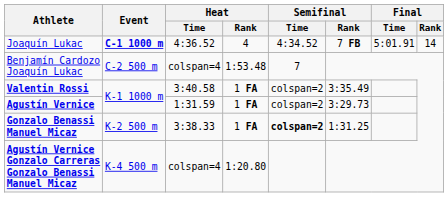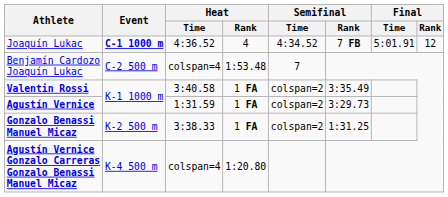 <table class=wikitable style=font-size:90%;text-align:center>
 <tr>
 <th rowspan=2>Athlete</th>
 <th rowspan=2>Event</th>
 <th colspan=2>Heat</th>
 <th colspan=2>Semifinal</th>
 <th colspan=2>Final</th>
 </tr>
 <tr style=font-size:95%>
 <th>Time</th>
 <th>Rank</th>
 <th>Time</th>
 <th>Rank</th>
 <th>Time</th>
 <th>Rank</th>
 </tr>
 <tr>
 <td align=left><a href='#'>Joaquín Lukac</a></td>
 <td align=left><strong><a href='#'>C-1 1000 m</a></strong></td>
 <td>4:36.52</td>
 <td>4</td>
 <td>4:34.52</td>
 <td>7 <strong>FB</strong></td>
 <td>5:01.91</td>
-<td>14</td>
+<td>12</td>
 </tr>
 <tr>
 <td align=left><a href='#'>Benjamín Cardozo</a><br><a href='#'>Joaquín Lukac</a></td>
 <td align=left><a href='#'>C-2 500 m</a></td>
 <td>colspan=4 </td>
 <td>1:53.48</td>
 <td>7</td>
 </tr>
 <tr>
 <td align=left><strong><a href='#'>Valentin Rossi</a></strong></td>
 <td align=left rowspan=2><a href='#'>K-1 1000 m</a></td>
 <td>3:40.58</td>
 <td>1 <strong>FA</strong></td>
 <td>colspan=2 </td>
 <td>3:35.49</td>
 <td></td>
 </tr>
 <tr>
 <td align=left><strong><a href='#'>Agustín Vernice</a></strong></td>
 <td>1:31.59</td>
 <td>1 <strong>FA</strong></td>
 <td>colspan=2 </td>
 <td>3:29.73</td>
 <td></td>
 </tr>
 <tr>
 <td align=left><strong><a href='#'>Gonzalo Benassi</a><br><a href='#'>Manuel Micaz</a></strong></td>
 <td align=left><a href='#'>K-2 500 m</a></td>
 <td>3:38.33</td>
 <td>1 <strong>FA</strong></td>
-<td><strong>colspan=2 </strong></td>
+<td>colspan=2 </td>
 <td>1:31.25</td>
 <td></td>
 </tr>
 <tr>
 <td align=left><strong><a href='#'>Agustín Vernice</a><br><a href='#'>Gonzalo Carreras</a><br><a href='#'>Gonzalo Benassi</a><br><a href='#'>Manuel Micaz</a></strong></td>
 <td align=left><a href='#'>K-4 500 m</a></td>
 <td>colspan=4 </td>
 <td>1:20.80</td>
 <td></td>
 </tr>
 </table>
